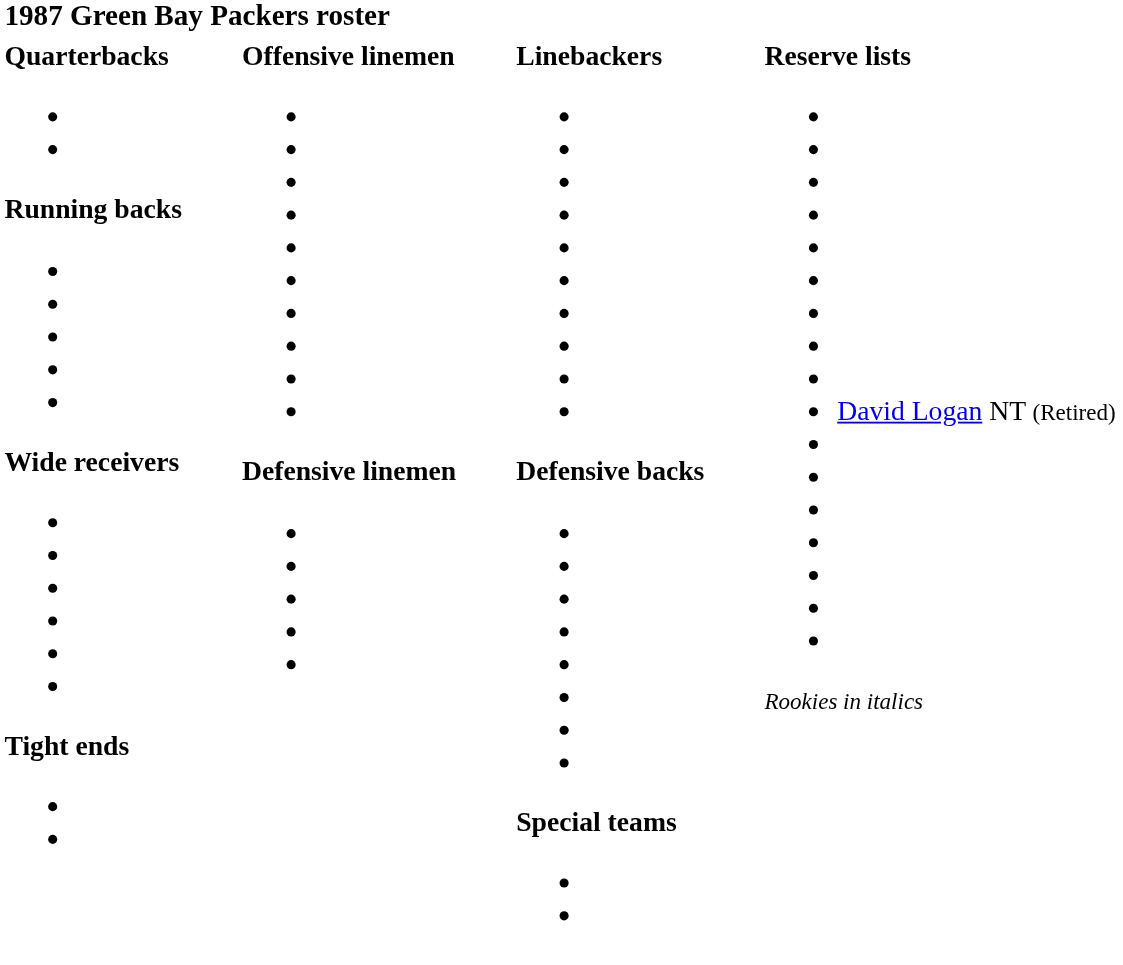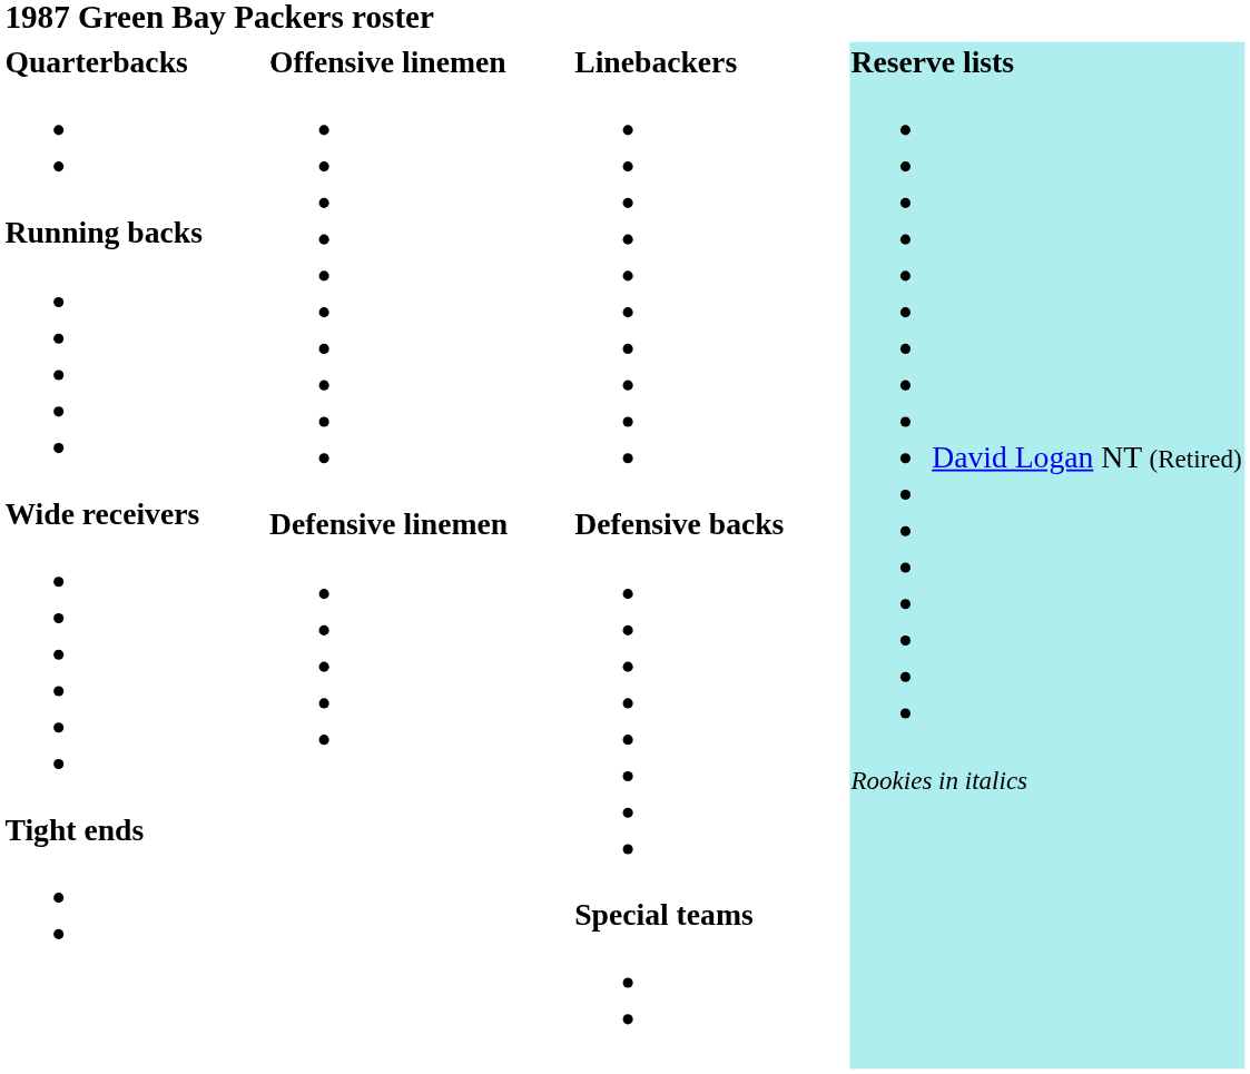 <table class="toccolours" style="text-align: left;">
 <tr>
 <th colspan="9">1987 Green Bay Packers roster</th>
 </tr>
 <tr>
 <td style="font-size: 95%;" valign="top"><strong>Quarterbacks</strong><br><ul><li></li><li></li></ul><strong>Running backs</strong><ul><li></li><li></li><li></li><li></li><li></li></ul><strong>Wide receivers</strong><ul><li></li><li></li><li></li><li></li><li></li><li></li></ul><strong>Tight ends</strong><ul><li></li><li></li></ul></td>
 <td style="width: 25px;"></td>
 <td style="font-size: 95%;" valign="top"><strong>Offensive linemen</strong><br><ul><li></li><li></li><li></li><li></li><li></li><li></li><li></li><li></li><li></li><li></li></ul><strong>Defensive linemen</strong><ul><li></li><li></li><li></li><li></li><li></li></ul></td>
 <td style="width: 25px;"></td>
 <td style="font-size: 95%;" valign="top"><strong>Linebackers</strong><br><ul><li></li><li></li><li></li><li></li><li></li><li></li><li></li><li></li><li></li><li></li></ul><strong>Defensive backs</strong><ul><li></li><li></li><li></li><li></li><li></li><li></li><li></li><li></li></ul><strong>Special teams</strong><ul><li></li><li></li></ul></td>
 <td style="width: 25px;"></td>
-<td style="font-size: 95%;" valign="top"><strong>Reserve lists</strong><br><ul><li></li><li></li><li></li><li></li><li></li><li></li><li></li><li></li><li></li><li> <a href='#'>David Logan</a> NT <small>(Retired)</small> </li><li></li><li></li><li></li><li></li><li></li><li></li><li></li></ul><small><em>Rookies in italics</em><br></small></td>
+<td style="background: paleturquoise; font-size: 95%;" valign="top"><strong>Reserve lists</strong><br><ul><li></li><li></li><li></li><li></li><li></li><li></li><li></li><li></li><li></li><li> <a href='#'>David Logan</a> NT <small>(Retired)</small> </li><li></li><li></li><li></li><li></li><li></li><li></li><li></li></ul><small><em>Rookies in italics</em><br></small></td>
 </tr>
 <tr>
 </tr>
 </table>
